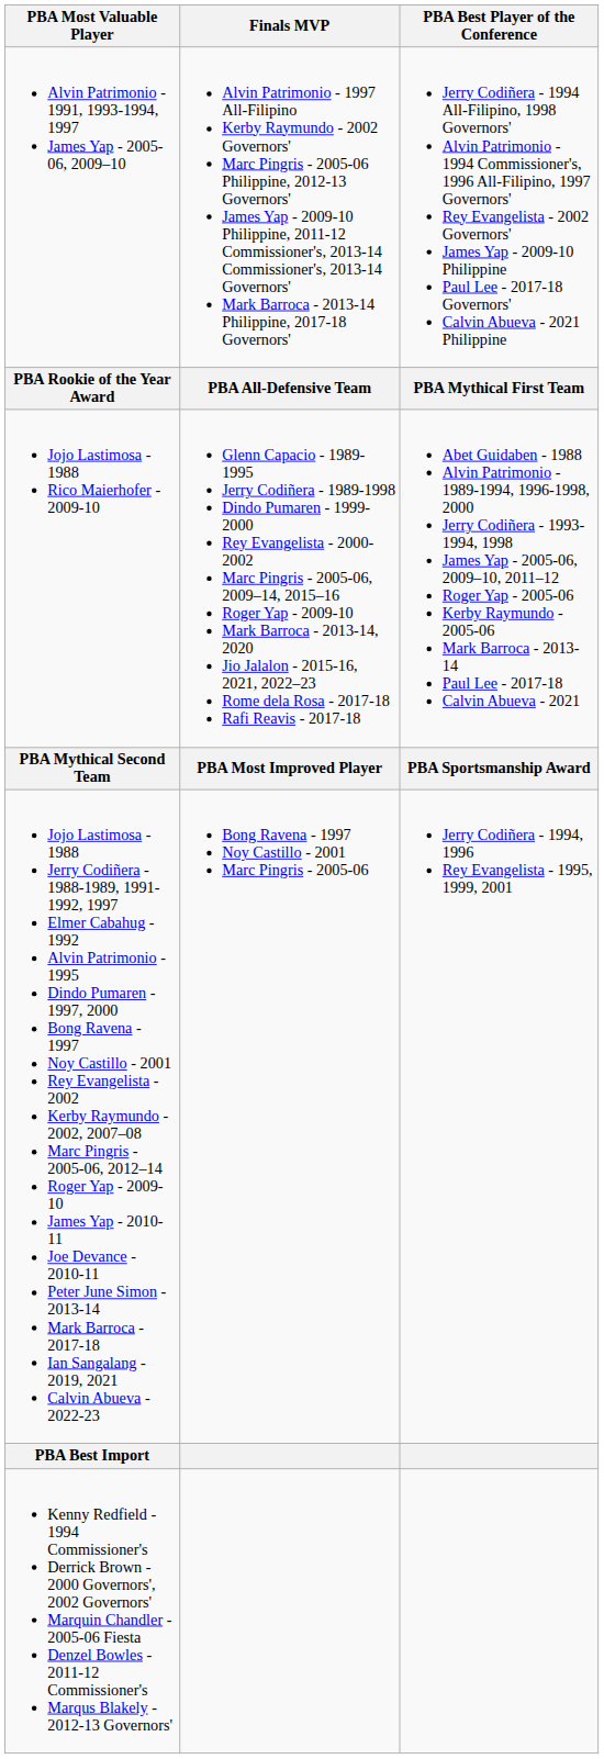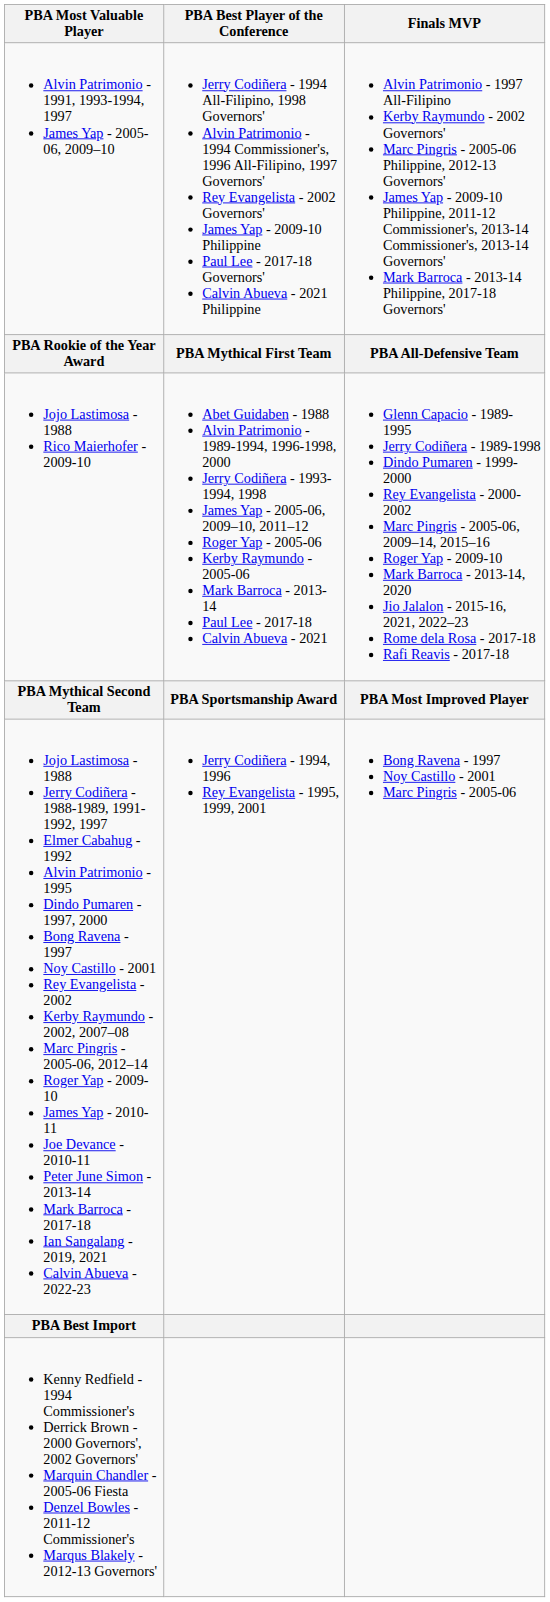 <table class=wikitable>
 <tr>
 <th>PBA Most Valuable Player</th>
+<th>PBA Best Player of the Conference</th>
 <th>Finals MVP</th>
-<th>PBA Best Player of the Conference</th>
 </tr>
 <tr>
 <td valign="top"><br><ul><li><a href='#'>Alvin Patrimonio</a> - 1991, 1993-1994, 1997</li><li><a href='#'>James Yap</a> - 2005-06, 2009–10</li></ul></td>
+<td valign="top"><br><ul><li><a href='#'>Jerry Codiñera</a> - 1994 All-Filipino, 1998 Governors'</li><li><a href='#'>Alvin Patrimonio</a> - 1994 Commissioner's, 1996 All-Filipino, 1997 Governors'</li><li><a href='#'>Rey Evangelista</a> - 2002 Governors'</li><li><a href='#'>James Yap</a> - 2009-10 Philippine</li><li><a href='#'>Paul Lee</a> - 2017-18 Governors'</li><li><a href='#'>Calvin Abueva</a> - 2021 Philippine</li></ul></td>
 <td valign="top"><br><ul><li><a href='#'>Alvin Patrimonio</a> - 1997 All-Filipino</li><li><a href='#'>Kerby Raymundo</a> - 2002 Governors'</li><li><a href='#'>Marc Pingris</a> - 2005-06 Philippine, 2012-13 Governors'</li><li><a href='#'>James Yap</a> - 2009-10 Philippine, 2011-12 Commissioner's, 2013-14 Commissioner's, 2013-14 Governors'</li><li><a href='#'>Mark Barroca</a> - 2013-14 Philippine, 2017-18 Governors'</li></ul></td>
-<td valign="top"><br><ul><li><a href='#'>Jerry Codiñera</a> - 1994 All-Filipino, 1998 Governors'</li><li><a href='#'>Alvin Patrimonio</a> - 1994 Commissioner's, 1996 All-Filipino, 1997 Governors'</li><li><a href='#'>Rey Evangelista</a> - 2002 Governors'</li><li><a href='#'>James Yap</a> - 2009-10 Philippine</li><li><a href='#'>Paul Lee</a> - 2017-18 Governors'</li><li><a href='#'>Calvin Abueva</a> - 2021 Philippine</li></ul></td>
 </tr>
 <tr>
 <th>PBA Rookie of the Year Award</th>
+<th>PBA Mythical First Team</th>
 <th>PBA All-Defensive Team</th>
-<th>PBA Mythical First Team</th>
 </tr>
 <tr>
 <td valign="top"><br><ul><li><a href='#'>Jojo Lastimosa</a> - 1988</li><li><a href='#'>Rico Maierhofer</a> - 2009-10</li></ul></td>
+<td valign="top"><br><ul><li><a href='#'>Abet Guidaben</a> - 1988</li><li><a href='#'>Alvin Patrimonio</a> - 1989-1994, 1996-1998, 2000</li><li><a href='#'>Jerry Codiñera</a> - 1993-1994, 1998</li><li><a href='#'>James Yap</a> - 2005-06, 2009–10, 2011–12</li><li><a href='#'>Roger Yap</a> - 2005-06</li><li><a href='#'>Kerby Raymundo</a> - 2005-06</li><li><a href='#'>Mark Barroca</a> - 2013-14</li><li><a href='#'>Paul Lee</a> - 2017-18</li><li><a href='#'>Calvin Abueva</a> - 2021</li></ul></td>
 <td valign="top"><br><ul><li><a href='#'>Glenn Capacio</a> - 1989-1995</li><li><a href='#'>Jerry Codiñera</a> - 1989-1998</li><li><a href='#'>Dindo Pumaren</a> - 1999-2000</li><li><a href='#'>Rey Evangelista</a> - 2000-2002</li><li><a href='#'>Marc Pingris</a> - 2005-06, 2009–14, 2015–16</li><li><a href='#'>Roger Yap</a> - 2009-10</li><li><a href='#'>Mark Barroca</a> - 2013-14, 2020</li><li><a href='#'>Jio Jalalon</a> - 2015-16, 2021, 2022–23</li><li><a href='#'>Rome dela Rosa</a> - 2017-18</li><li><a href='#'>Rafi Reavis</a> - 2017-18</li></ul></td>
-<td valign="top"><br><ul><li><a href='#'>Abet Guidaben</a> - 1988</li><li><a href='#'>Alvin Patrimonio</a> - 1989-1994, 1996-1998, 2000</li><li><a href='#'>Jerry Codiñera</a> - 1993-1994, 1998</li><li><a href='#'>James Yap</a> - 2005-06, 2009–10, 2011–12</li><li><a href='#'>Roger Yap</a> - 2005-06</li><li><a href='#'>Kerby Raymundo</a> - 2005-06</li><li><a href='#'>Mark Barroca</a> - 2013-14</li><li><a href='#'>Paul Lee</a> - 2017-18</li><li><a href='#'>Calvin Abueva</a> - 2021</li></ul></td>
 </tr>
 <tr>
 <th>PBA Mythical Second Team</th>
+<th>PBA Sportsmanship Award</th>
 <th>PBA Most Improved Player</th>
-<th>PBA Sportsmanship Award</th>
 </tr>
 <tr>
 <td valign="top"><br><ul><li><a href='#'>Jojo Lastimosa</a> - 1988</li><li><a href='#'>Jerry Codiñera</a> - 1988-1989, 1991-1992, 1997</li><li><a href='#'>Elmer Cabahug</a> - 1992</li><li><a href='#'>Alvin Patrimonio</a> - 1995</li><li><a href='#'>Dindo Pumaren</a> - 1997, 2000</li><li><a href='#'>Bong Ravena</a> - 1997</li><li><a href='#'>Noy Castillo</a> - 2001</li><li><a href='#'>Rey Evangelista</a> - 2002</li><li><a href='#'>Kerby Raymundo</a> - 2002, 2007–08</li><li><a href='#'>Marc Pingris</a> - 2005-06, 2012–14</li><li><a href='#'>Roger Yap</a> - 2009-10</li><li><a href='#'>James Yap</a> - 2010-11</li><li><a href='#'>Joe Devance</a> - 2010-11</li><li><a href='#'>Peter June Simon</a> - 2013-14</li><li><a href='#'>Mark Barroca</a> - 2017-18</li><li><a href='#'>Ian Sangalang</a> - 2019, 2021</li><li><a href='#'>Calvin Abueva</a> - 2022-23</li></ul></td>
+<td valign="top"><br><ul><li><a href='#'>Jerry Codiñera</a> - 1994, 1996</li><li><a href='#'>Rey Evangelista</a> - 1995, 1999, 2001</li></ul></td>
 <td valign="top"><br><ul><li><a href='#'>Bong Ravena</a> - 1997</li><li><a href='#'>Noy Castillo</a> - 2001</li><li><a href='#'>Marc Pingris</a> - 2005-06</li></ul></td>
-<td valign="top"><br><ul><li><a href='#'>Jerry Codiñera</a> - 1994, 1996</li><li><a href='#'>Rey Evangelista</a> - 1995, 1999, 2001</li></ul></td>
 </tr>
 <tr>
 <th>PBA Best Import</th>
 <th></th>
 <th></th>
 </tr>
 <tr>
 <td valign="top"><br><ul><li>Kenny Redfield - 1994 Commissioner's</li><li>Derrick Brown - 2000 Governors', 2002 Governors'</li><li><a href='#'>Marquin Chandler</a> - 2005-06 Fiesta</li><li><a href='#'>Denzel Bowles</a> - 2011-12 Commissioner's</li><li><a href='#'>Marqus Blakely</a> - 2012-13 Governors'</li></ul></td>
 <td valign="top"></td>
 <td valign="top"></td>
 </tr>
 </table>
